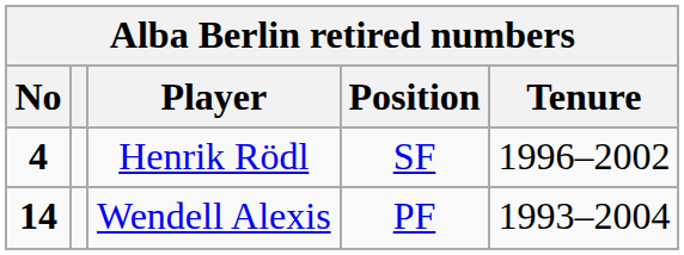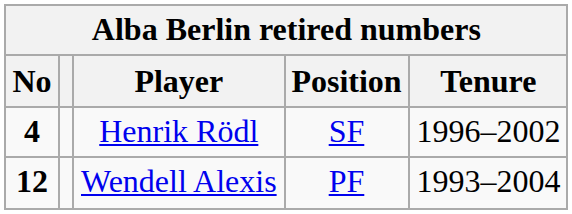 <table class="wikitable sortable" style="text-align:center">
 <tr>
 <th colspan="5">Alba Berlin retired numbers</th>
 </tr>
 <tr>
 <th>No</th>
 <th></th>
 <th>Player</th>
 <th>Position</th>
 <th>Tenure</th>
 </tr>
 <tr>
 <td><strong>4</strong></td>
 <td></td>
 <td><a href='#'>Henrik Rödl</a></td>
 <td><a href='#'>SF</a></td>
 <td>1996–2002</td>
 </tr>
 <tr>
-<td><strong>14</strong></td>
+<td><strong>12</strong></td>
 <td></td>
 <td><a href='#'>Wendell Alexis</a></td>
 <td><a href='#'>PF</a></td>
 <td>1993–2004</td>
 </tr>
 </table>
